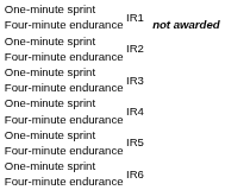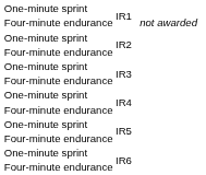 <table>
 <tr>
 <td>One-minute sprint</td>
 <td rowspan=2>IR1</td>
 <td></td>
 <td></td>
 <td></td>
 </tr>
 <tr>
 <td>Four-minute endurance</td>
 <td></td>
 <td></td>
-<td><strong><em>not awarded</em></strong></td>
+<td><em>not awarded</em></td>
 </tr>
 <tr>
 <td>One-minute sprint</td>
 <td rowspan=2>IR2</td>
 <td></td>
 <td></td>
 <td></td>
 </tr>
 <tr>
 <td>Four-minute endurance</td>
 <td></td>
 <td></td>
 <td></td>
 </tr>
 <tr>
 <td>One-minute sprint</td>
 <td rowspan=2>IR3</td>
 <td nowrap></td>
 <td></td>
 <td></td>
 </tr>
 <tr>
 <td>Four-minute endurance</td>
 <td></td>
 <td></td>
 <td></td>
 </tr>
 <tr>
 <td>One-minute sprint</td>
 <td rowspan=2>IR4</td>
 <td></td>
 <td></td>
 <td></td>
 </tr>
 <tr>
 <td>Four-minute endurance</td>
 <td></td>
 <td></td>
 <td></td>
 </tr>
 <tr>
 <td>One-minute sprint</td>
 <td rowspan=2>IR5</td>
 <td></td>
 <td nowrap></td>
 <td nowrap></td>
 </tr>
 <tr>
 <td>Four-minute endurance</td>
 <td></td>
 <td></td>
 <td></td>
 </tr>
 <tr>
 <td rowspan=2>One-minute sprint</td>
 <td rowspan=3>IR6</td>
 <td></td>
 <td rowspan=2></td>
 <td rowspan=2></td>
 </tr>
 <tr>
 <td></td>
 </tr>
 <tr>
 <td>Four-minute endurance</td>
 <td></td>
 <td></td>
 <td></td>
 </tr>
 </table>
